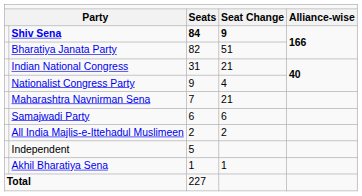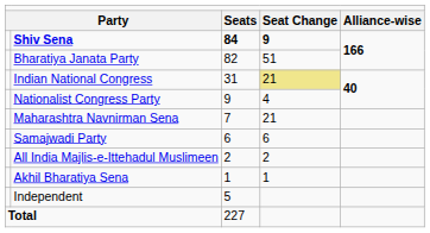 <table class="wikitable">
 <tr>
 <td colspan="5" style="text-align: center;"></td>
 </tr>
 <tr>
 <th colspan="2">Party</th>
 <th>Seats</th>
 <th>Seat Change</th>
 <th>Alliance-wise</th>
 </tr>
 <tr>
 <td style="background-color: "></td>
 <td><strong><a href='#'>Shiv Sena</a></strong></td>
 <td><strong>84</strong></td>
 <td><strong> 9</strong></td>
 <td rowspan="2"><strong>166</strong></td>
 </tr>
 <tr>
 <td style="background-color: "></td>
 <td><a href='#'>Bharatiya Janata Party</a></td>
 <td>82</td>
 <td> 51</td>
 </tr>
 <tr>
 <td style="background-color: "></td>
 <td><a href='#'>Indian National Congress</a></td>
 <td>31</td>
-<td> 21</td>
+<td style="background: khaki;"> 21</td>
 <td rowspan="2"><strong>40</strong></td>
 </tr>
 <tr>
 <td style="background-color: "></td>
 <td><a href='#'>Nationalist Congress Party</a></td>
 <td>9</td>
 <td> 4</td>
 </tr>
 <tr>
 <td style="background-color: "></td>
 <td><a href='#'>Maharashtra Navnirman Sena</a></td>
 <td>7</td>
 <td> 21</td>
 <td></td>
 </tr>
 <tr>
 <td style="background-color: "></td>
 <td><a href='#'>Samajwadi Party</a></td>
 <td>6</td>
 <td> 6</td>
 <td></td>
 </tr>
 <tr>
 <td style="background-color: "></td>
 <td><a href='#'>All India Majlis-e-Ittehadul Muslimeen</a></td>
 <td>2</td>
 <td> 2</td>
 <td></td>
 </tr>
 <tr>
+<td></td>
+<td><a href='#'>Akhil Bharatiya Sena</a></td>
+<td>1</td>
+<td> 1</td>
+<td></td>
+</tr>
+<tr>
 <td style="background-color: "></td>
 <td>Independent</td>
 <td>5</td>
 <td></td>
-<td></td>
-</tr>
-<tr>
-<td></td>
-<td><a href='#'>Akhil Bharatiya Sena</a></td>
-<td>1</td>
-<td> 1</td>
 <td></td>
 </tr>
 <tr>
 <td colspan="2"><strong>Total</strong></td>
 <td>227</td>
 <td></td>
 <td></td>
 </tr>
 </table>
